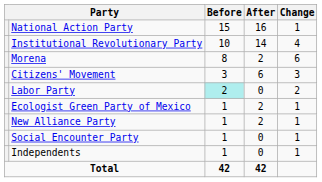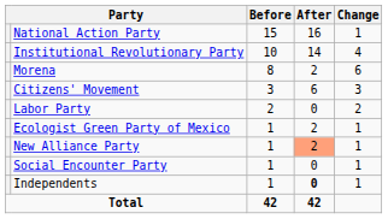 <table class="wikitable" style="text-align:center;">
 <tr>
 <th colspan="2">Party</th>
 <th style="width:3em">Before</th>
 <th style="width:3em">After</th>
 <th style="width:3em">Change</th>
 </tr>
 <tr>
 <th style="background-color:"></th>
 <td style="text-align:left;"><a href='#'>National Action Party</a></td>
 <td>15</td>
 <td>16</td>
 <td>1</td>
 </tr>
 <tr>
 <th style="background-color:"></th>
 <td style="text-align:left;"><a href='#'>Institutional Revolutionary Party</a></td>
 <td>10</td>
 <td>14</td>
 <td>4</td>
 </tr>
 <tr>
 <th style="background-color:"></th>
 <td style="text-align:left;"><a href='#'>Morena</a></td>
 <td>8</td>
 <td>2</td>
 <td>6</td>
 </tr>
 <tr>
 <th style="background-color:"></th>
 <td style="text-align:left;"><a href='#'>Citizens' Movement</a></td>
 <td>3</td>
 <td>6</td>
 <td>3</td>
 </tr>
 <tr>
 <th style="background-color:"></th>
 <td style="text-align:left;"><a href='#'>Labor Party</a></td>
-<td style="background: paleturquoise;">2</td>
+<td>2</td>
 <td>0</td>
 <td>2</td>
 </tr>
 <tr>
 <th style="background-color:"></th>
 <td style="text-align:left;"><a href='#'>Ecologist Green Party of Mexico</a></td>
 <td>1</td>
 <td>2</td>
 <td>1</td>
 </tr>
 <tr>
 <th style="background-color:"></th>
 <td style="text-align:left;"><a href='#'>New Alliance Party</a></td>
 <td>1</td>
-<td>2</td>
+<td style="background: lightsalmon;">2</td>
 <td>1</td>
 </tr>
 <tr>
 <th style="background-color:"></th>
 <td style="text-align:left;"><a href='#'>Social Encounter Party</a></td>
 <td>1</td>
 <td>0</td>
 <td>1</td>
 </tr>
 <tr>
 <th style="background-color:"></th>
 <td style="text-align:left;">Independents</td>
 <td>1</td>
-<td>0</td>
+<td><strong>0</strong></td>
 <td>1</td>
 </tr>
 <tr>
 <td colspan="2"><strong>Total</strong></td>
 <td><strong>42</strong></td>
 <td><strong>42</strong></td>
 <td></td>
 </tr>
 </table>
